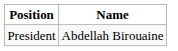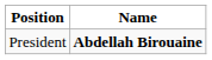 <table class="wikitable">
 <tr>
 <th style="color:black; background:#FFFFFF;">Position</th>
 <th style="color:black; background:#FFFFFF;">Name</th>
 </tr>
 <tr>
 <td>President</td>
-<td> Abdellah Birouaine</td>
+<td><strong> Abdellah Birouaine</strong></td>
 </tr>
 </table>
